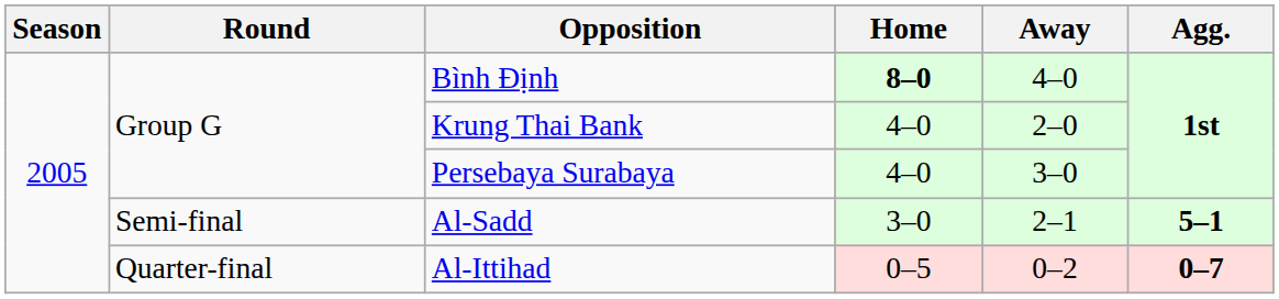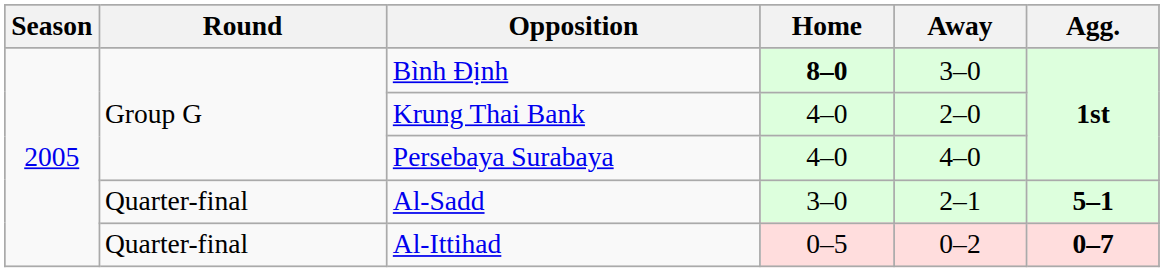 <table class="wikitable" style="text-align:left">
 <tr>
 <th>Season</th>
 <th width="160">Round</th>
 <th width="210">Opposition</th>
 <th width="70">Home</th>
 <th width="70">Away</th>
 <th width="70">Agg.</th>
 </tr>
 <tr>
 <td rowspan="5" style="text-align:center;"><a href='#'>2005</a></td>
 <td rowspan="3">Group G</td>
 <td> <a href='#'>Bình Định</a></td>
 <td style="text-align:center; background:#DDFFDD;"><strong>8–0</strong></td>
-<td style="text-align:center; background:#DDFFDD;">4–0</td>
+<td style="text-align:center; background:#DDFFDD;">3–0</td>
 <td rowspan="3" style="text-align:center; background:#DDFFDD;"><strong>1st</strong></td>
 </tr>
 <tr>
 <td> <a href='#'>Krung Thai Bank</a></td>
 <td style="text-align:center; background:#DDFFDD;">4–0</td>
 <td style="text-align:center; background:#DDFFDD;">2–0</td>
 </tr>
 <tr>
 <td> <a href='#'>Persebaya Surabaya</a></td>
 <td style="text-align:center; background:#DDFFDD;">4–0</td>
-<td style="text-align:center; background:#DDFFDD;">3–0</td>
+<td style="text-align:center; background:#DDFFDD;">4–0</td>
 </tr>
 <tr>
-<td>Semi-final</td>
+<td>Quarter-final</td>
 <td> <a href='#'>Al-Sadd</a></td>
 <td style="text-align:center; background:#DDFFDD;">3–0</td>
 <td style="text-align:center; background:#DDFFDD;">2–1</td>
 <td style="text-align:center; background:#DDFFDD;"><strong>5–1</strong></td>
 </tr>
 <tr>
 <td>Quarter-final</td>
 <td> <a href='#'>Al-Ittihad</a></td>
 <td style="text-align:center; background:#FFDDDD;">0–5</td>
 <td style="text-align:center; background:#FFDDDD;">0–2</td>
 <td style="text-align:center; background:#FFDDDD;"><strong>0–7</strong></td>
 </tr>
 </table>
